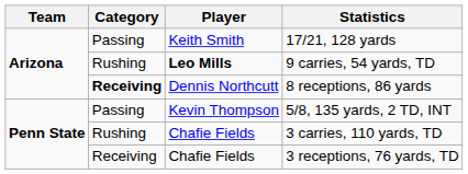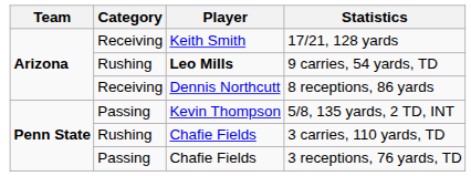 <table class="wikitable" style="float: right;">
 <tr>
 <th>Team</th>
 <th>Category</th>
 <th>Player</th>
 <th>Statistics</th>
 </tr>
 <tr>
 <td rowspan=3><strong>Arizona</strong></td>
-<td>Passing</td>
+<td>Receiving</td>
 <td><a href='#'>Keith Smith</a></td>
 <td>17/21, 128 yards</td>
 </tr>
 <tr>
 <td>Rushing</td>
 <td><strong>Leo Mills</strong></td>
 <td>9 carries, 54 yards, TD</td>
 </tr>
 <tr>
-<td><strong>Receiving</strong></td>
+<td>Receiving</td>
 <td><a href='#'>Dennis Northcutt</a></td>
 <td>8 receptions, 86 yards</td>
 </tr>
 <tr>
 <td rowspan=3><strong>Penn State</strong></td>
 <td>Passing</td>
 <td><a href='#'>Kevin Thompson</a></td>
 <td>5/8, 135 yards, 2 TD, INT</td>
 </tr>
 <tr>
 <td>Rushing</td>
 <td><a href='#'>Chafie Fields</a></td>
 <td>3 carries, 110 yards, TD</td>
 </tr>
 <tr>
-<td>Receiving</td>
+<td>Passing</td>
 <td>Chafie Fields</td>
 <td>3 receptions, 76 yards, TD</td>
 </tr>
 </table>
